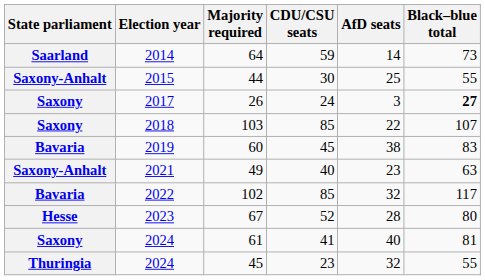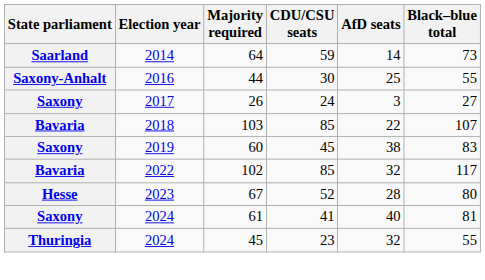 <table class="wikitable sortable" style="text-align:right">
 <tr>
 <th>State parliament</th>
 <th>Election year</th>
 <th>Majority<br>required</th>
 <th>CDU/CSU<br>seats</th>
 <th>AfD seats</th>
 <th>Black–blue<br>total</th>
 </tr>
 <tr>
 <th><a href='#'>Saarland</a></th>
 <td align=center><a href='#'>2014</a></td>
 <td>64</td>
 <td style="background:">59</td>
 <td>14</td>
 <td>73</td>
 </tr>
 <tr>
 <th><a href='#'>Saxony-Anhalt</a></th>
-<td align=center><a href='#'>2015</a></td>
+<td align=center><a href='#'>2016</a></td>
 <td>44</td>
 <td style="background:">30</td>
 <td>25</td>
 <td>55</td>
 </tr>
 <tr>
 <th><a href='#'>Saxony</a></th>
 <td align=center><a href='#'>2017</a></td>
 <td>26</td>
 <td style="background:">24</td>
 <td>3</td>
-<td><strong>27</strong></td>
+<td>27</td>
 </tr>
 <tr>
-<th><a href='#'>Saxony</a></th>
+<th><a href='#'>Bavaria</a></th>
 <td align=center><a href='#'>2018</a></td>
 <td>103</td>
 <td style="background:">85</td>
 <td>22</td>
 <td>107</td>
 </tr>
 <tr>
-<th><a href='#'>Bavaria</a></th>
+<th><a href='#'>Saxony</a></th>
 <td align=center><a href='#'>2019</a></td>
 <td>60</td>
 <td style="background:">45</td>
 <td>38</td>
 <td>83</td>
-</tr>
-<tr>
-<th><a href='#'>Saxony-Anhalt</a></th>
-<td align=center><a href='#'>2021</a></td>
-<td>49</td>
-<td style="background:">40</td>
-<td>23</td>
-<td>63</td>
 </tr>
 <tr>
 <th><a href='#'>Bavaria</a></th>
 <td align=center><a href='#'>2022</a></td>
 <td>102</td>
 <td style="background:">85</td>
 <td>32</td>
 <td>117</td>
 </tr>
 <tr>
 <th><a href='#'>Hesse</a></th>
 <td align=center><a href='#'>2023</a></td>
 <td>67</td>
 <td style="background:">52</td>
 <td>28</td>
 <td>80</td>
 </tr>
 <tr>
 <th><a href='#'>Saxony</a></th>
 <td align=center><a href='#'>2024</a></td>
 <td>61</td>
 <td style="background:">41</td>
 <td>40</td>
 <td>81</td>
 </tr>
 <tr>
 <th><a href='#'>Thuringia</a></th>
 <td align=center><a href='#'>2024</a></td>
 <td>45</td>
 <td>23</td>
 <td style="background:">32</td>
 <td>55</td>
 </tr>
 </table>
